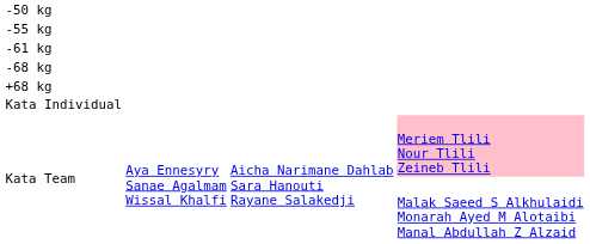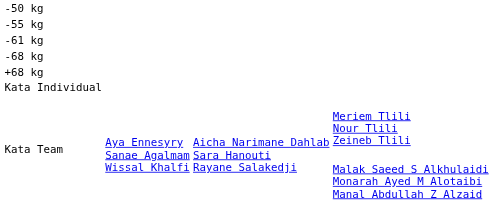 <table>
 <tr>
 <td rowspan=2>-50 kg</td>
 <td rowspan=2></td>
 <td rowspan=2></td>
 <td></td>
 </tr>
 <tr>
 <td></td>
 </tr>
 <tr>
 <td rowspan=2>-55 kg</td>
 <td rowspan=2></td>
 <td rowspan=2></td>
 <td></td>
 </tr>
 <tr>
 <td></td>
 </tr>
 <tr>
 <td rowspan=2>-61 kg</td>
 <td rowspan=2></td>
 <td rowspan=2></td>
 <td></td>
 </tr>
 <tr>
 <td></td>
 </tr>
 <tr>
 <td rowspan=2>-68 kg</td>
 <td rowspan=2></td>
 <td rowspan=2></td>
 <td></td>
 </tr>
 <tr>
 <td></td>
 </tr>
 <tr>
 <td rowspan=2>+68 kg</td>
 <td rowspan=2></td>
 <td rowspan=2></td>
 <td></td>
 </tr>
 <tr>
 <td></td>
 </tr>
 <tr>
 <td rowspan=2>Kata Individual</td>
 <td rowspan=2></td>
 <td rowspan=2></td>
 <td></td>
 </tr>
 <tr>
 <td></td>
 </tr>
 <tr>
 <td rowspan=2>Kata Team</td>
 <td rowspan=2><br><a href='#'>Aya Ennesyry</a><br><a href='#'>Sanae Agalmam</a><br><a href='#'>Wissal Khalfi</a></td>
 <td rowspan=2><br><a href='#'>Aicha Narimane Dahlab</a><br><a href='#'>Sara Hanouti</a><br><a href='#'>Rayane Salakedji</a></td>
-<td style="background: pink;"><br><a href='#'>Meriem Tlili</a><br><a href='#'>Nour Tlili</a><br><a href='#'>Zeineb Tlili</a></td>
+<td><br><a href='#'>Meriem Tlili</a><br><a href='#'>Nour Tlili</a><br><a href='#'>Zeineb Tlili</a></td>
 </tr>
 <tr>
 <td><br><a href='#'>Malak Saeed S Alkhulaidi</a><br><a href='#'>Monarah Ayed M Alotaibi</a><br><a href='#'>Manal Abdullah Z Alzaid</a></td>
 </tr>
 </table>
